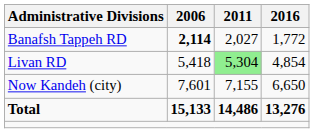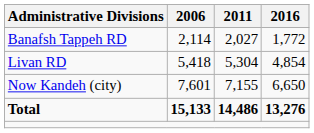 <table class="wikitable">
 <tr>
 <th>Administrative Divisions</th>
 <th>2006</th>
 <th>2011</th>
 <th>2016</th>
 </tr>
 <tr>
 <td><a href='#'>Banafsh Tappeh RD</a></td>
-<td style="text-align: right;"><strong>2,114</strong></td>
+<td style="text-align: right;">2,114</td>
 <td style="text-align: right;">2,027</td>
 <td style="text-align: right;">1,772</td>
 </tr>
 <tr>
 <td><a href='#'>Livan RD</a></td>
 <td style="text-align: right;">5,418</td>
-<td style="background: lightgreen; text-align: right;">5,304</td>
+<td style="text-align: right;">5,304</td>
 <td style="text-align: right;">4,854</td>
 </tr>
 <tr>
 <td><a href='#'>Now Kandeh</a> (city)</td>
 <td style="text-align: right;">7,601</td>
 <td style="text-align: right;">7,155</td>
 <td style="text-align: right;">6,650</td>
 </tr>
 <tr>
 <td><strong>Total</strong></td>
 <td style="text-align: right;"><strong>15,133</strong></td>
 <td style="text-align: right;"><strong>14,486</strong></td>
 <td style="text-align: right;"><strong>13,276</strong></td>
 </tr>
 <tr>
 <td colspan=4></td>
 </tr>
 </table>
